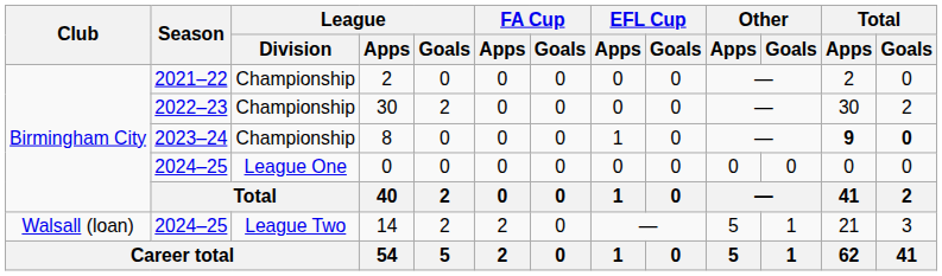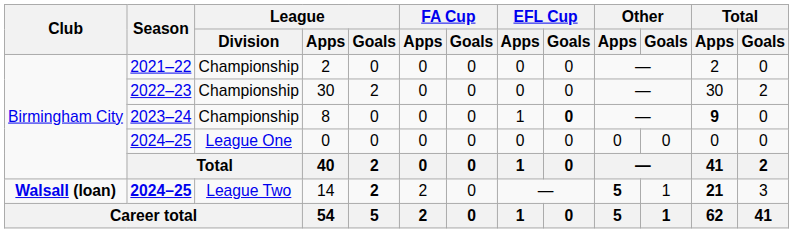 <table class="wikitable" style=text-align:center>
 <tr>
 <th rowspan="2">Club</th>
 <th rowspan="2">Season</th>
 <th colspan="3">League</th>
 <th colspan="2"><a href='#'>FA Cup</a></th>
 <th colspan="2"><a href='#'>EFL Cup</a></th>
 <th colspan="2">Other</th>
 <th colspan="2">Total</th>
 </tr>
 <tr>
 <th>Division</th>
 <th>Apps</th>
 <th>Goals</th>
 <th>Apps</th>
 <th>Goals</th>
 <th>Apps</th>
 <th>Goals</th>
 <th>Apps</th>
 <th>Goals</th>
 <th>Apps</th>
 <th>Goals</th>
 </tr>
 <tr>
 <td rowspan="5"><a href='#'>Birmingham City</a></td>
 <td><a href='#'>2021–22</a></td>
 <td>Championship</td>
 <td>2</td>
 <td>0</td>
 <td>0</td>
 <td>0</td>
 <td>0</td>
 <td>0</td>
 <td colspan="2">—</td>
 <td>2</td>
 <td>0</td>
 </tr>
 <tr>
 <td><a href='#'>2022–23</a></td>
 <td>Championship</td>
 <td>30</td>
 <td>2</td>
 <td>0</td>
 <td>0</td>
 <td>0</td>
 <td>0</td>
 <td colspan="2">—</td>
 <td>30</td>
 <td>2</td>
 </tr>
 <tr>
 <td><a href='#'>2023–24</a></td>
 <td>Championship</td>
 <td>8</td>
 <td>0</td>
 <td>0</td>
 <td>0</td>
 <td>1</td>
-<td>0</td>
+<td><strong>0</strong></td>
 <td colspan="2">—</td>
 <td><strong>9</strong></td>
-<td><strong>0</strong></td>
+<td>0</td>
 </tr>
 <tr>
 <td><a href='#'>2024–25</a></td>
 <td><a href='#'>League One</a></td>
 <td>0</td>
 <td>0</td>
 <td>0</td>
 <td>0</td>
 <td>0</td>
 <td>0</td>
 <td>0</td>
 <td>0</td>
 <td>0</td>
 <td>0</td>
 </tr>
 <tr>
 <th colspan="2">Total</th>
 <th>40</th>
 <th>2</th>
 <th>0</th>
 <th>0</th>
 <th>1</th>
 <th>0</th>
 <th colspan="2">—</th>
 <th>41</th>
 <th>2</th>
 </tr>
 <tr>
-<td><a href='#'>Walsall</a> (loan)</td>
-<td><a href='#'>2024–25</a></td>
+<td><strong><a href='#'>Walsall</a> (loan)</strong></td>
+<td><strong><a href='#'>2024–25</a></strong></td>
 <td><a href='#'>League Two</a></td>
 <td>14</td>
-<td>2</td>
+<td><strong>2</strong></td>
 <td>2</td>
 <td>0</td>
 <td colspan="2">—</td>
-<td>5</td>
+<td><strong>5</strong></td>
 <td>1</td>
-<td>21</td>
+<td><strong>21</strong></td>
 <td>3</td>
 </tr>
 <tr>
 <th colspan="3">Career total</th>
 <th>54</th>
 <th>5</th>
 <th>2</th>
 <th>0</th>
 <th>1</th>
 <th>0</th>
 <th>5</th>
 <th>1</th>
 <th>62</th>
 <th>41</th>
 </tr>
 </table>
